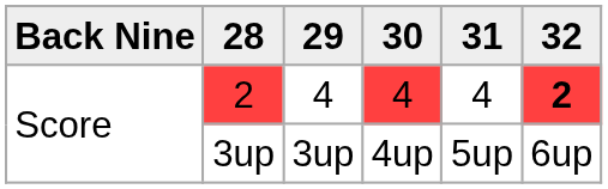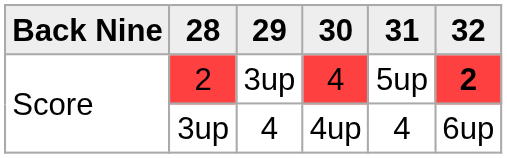 <table cellpadding="3" cellspacing="0" border="1" style="font-size: 95%; border: #aaa solid 1px; border-collapse: collapse;">
 <tr style="background:#eeeeee;">
 <th align="left">Back Nine</th>
 <th align=center>28</th>
 <th align=center>29</th>
 <th align=center>30</th>
 <th align=center>31</th>
 <th align=center>32</th>
 </tr>
 <tr>
 <td rowspan=2>Score</td>
 <td align="center" style="background:#FF4040;">2</td>
-<td align="center">4</td>
+<td>3up</td>
 <td align="center" style="background:#FF4040;">4</td>
-<td align="center">4</td>
+<td>5up</td>
 <td align="center" style="background:#FF4040;"><strong>2</strong></td>
 </tr>
 <tr>
 <td>3up</td>
-<td>3up</td>
+<td align="center">4</td>
 <td>4up</td>
-<td>5up</td>
+<td align="center">4</td>
 <td>6up</td>
 </tr>
 </table>
